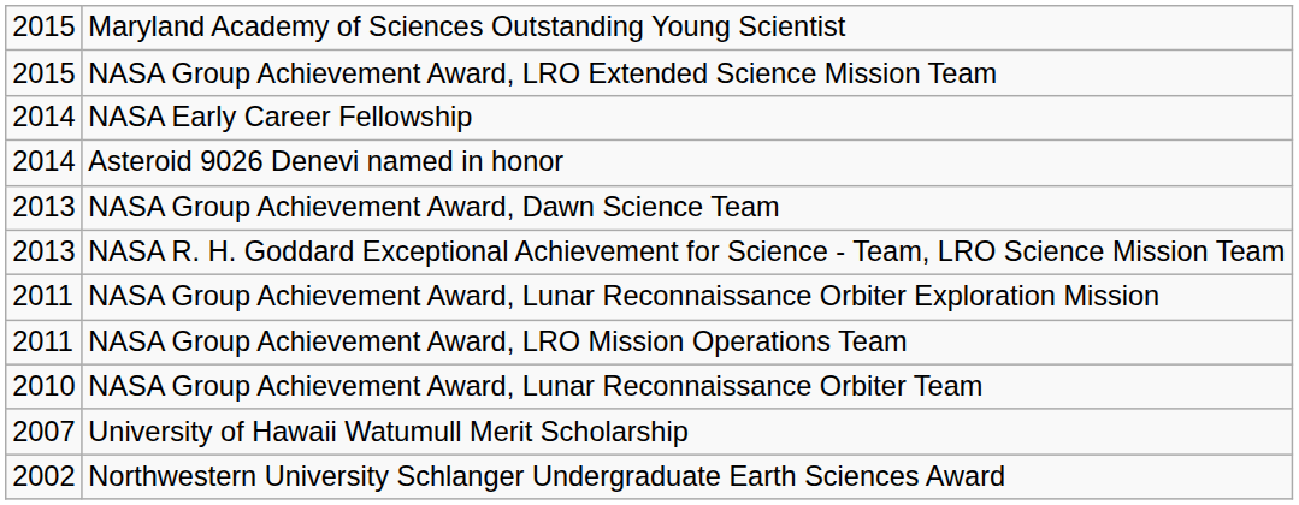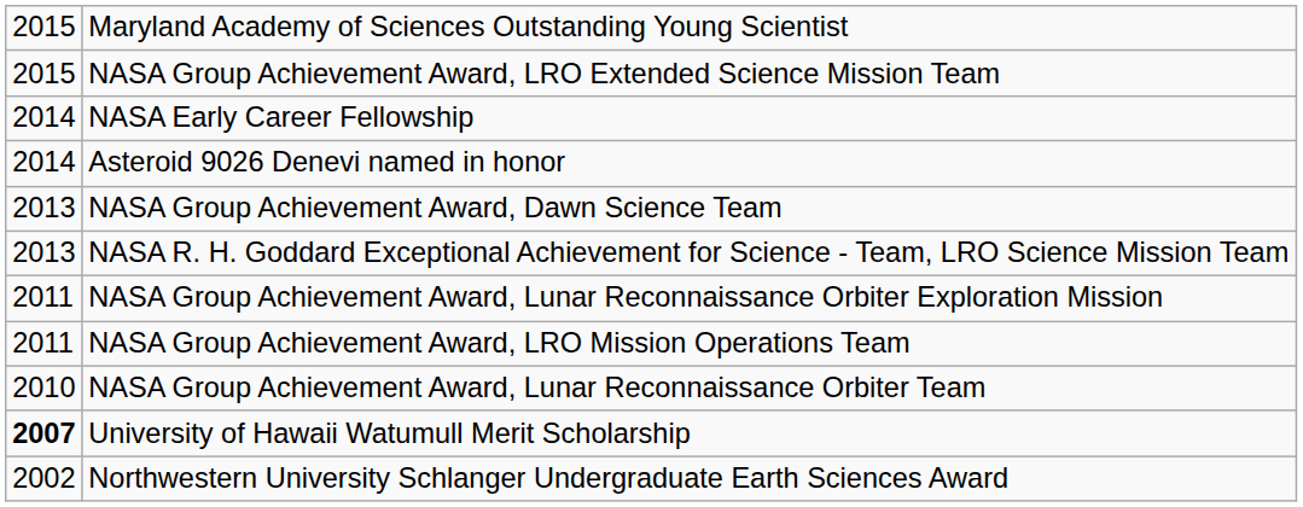 <table class="wikitable">
 <tr>
 <td>2015</td>
 <td>Maryland Academy of Sciences Outstanding Young Scientist</td>
 </tr>
 <tr>
 <td>2015</td>
 <td>NASA Group Achievement Award, LRO Extended Science Mission Team</td>
 </tr>
 <tr>
 <td>2014</td>
 <td>NASA Early Career Fellowship</td>
 </tr>
 <tr>
 <td>2014</td>
 <td>Asteroid 9026 Denevi named in honor</td>
 </tr>
 <tr>
 <td>2013</td>
 <td>NASA Group Achievement Award, Dawn Science Team</td>
 </tr>
 <tr>
 <td>2013</td>
 <td>NASA R. H. Goddard Exceptional Achievement for Science - Team, LRO Science Mission Team</td>
 </tr>
 <tr>
 <td>2011</td>
 <td>NASA Group Achievement Award, Lunar Reconnaissance Orbiter Exploration Mission</td>
 </tr>
 <tr>
 <td>2011</td>
 <td>NASA Group Achievement Award, LRO Mission Operations Team</td>
 </tr>
 <tr>
 <td>2010</td>
 <td>NASA Group Achievement Award, Lunar Reconnaissance Orbiter Team</td>
 </tr>
 <tr>
-<td>2007</td>
+<td><strong>2007</strong></td>
 <td>University of Hawaii Watumull Merit Scholarship</td>
 </tr>
 <tr>
 <td>2002</td>
 <td>Northwestern University Schlanger Undergraduate Earth Sciences Award</td>
 </tr>
 </table>
